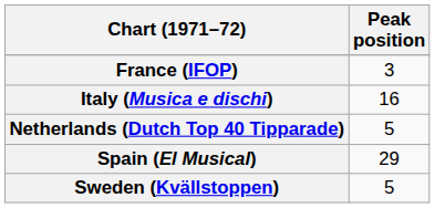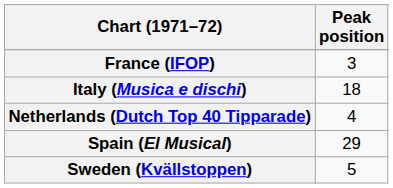 <table class="wikitable sortable plainrowheaders" style="text-align:center">
 <tr>
 <th>Chart (1971–72)</th>
 <th>Peak<br>position</th>
 </tr>
 <tr>
 </tr>
 <tr>
 </tr>
 <tr>
 <th scope="row">France (<a href='#'>IFOP</a>)</th>
 <td>3</td>
 </tr>
 <tr>
 <th scope="row">Italy (<em><a href='#'>Musica e dischi</a></em>)</th>
-<td>16</td>
+<td>18</td>
 </tr>
 <tr>
 <th scope="row">Netherlands (<a href='#'>Dutch Top 40 Tipparade</a>)</th>
-<td>5</td>
+<td>4</td>
 </tr>
 <tr>
 <th scope="row">Spain (<em>El Musical</em>)</th>
 <td>29</td>
 </tr>
 <tr>
 <th scope="row">Sweden (<a href='#'>Kvällstoppen</a>)</th>
 <td>5</td>
 </tr>
 </table>
